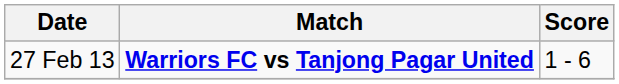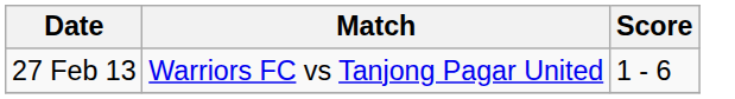 <table class="wikitable sortable">
 <tr>
 <th>Date</th>
 <th>Match</th>
 <th>Score</th>
 </tr>
 <tr>
 <td>27 Feb 13</td>
-<td><strong><a href='#'>Warriors FC</a> vs <a href='#'>Tanjong Pagar United</a></strong></td>
+<td><a href='#'>Warriors FC</a> vs <a href='#'>Tanjong Pagar United</a></td>
 <td>1 - 6</td>
 </tr>
 <tr>
 </tr>
 </table>
